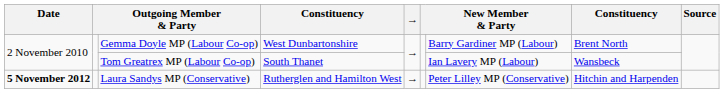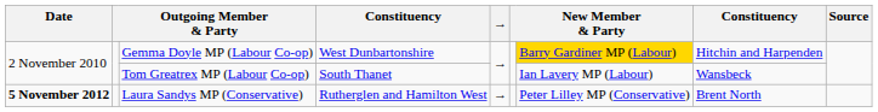 <table class="wikitable">
 <tr>
 <th valign="top">Date</th>
 <th colspan="2" valign="top">Outgoing Member<br>& Party</th>
 <th valign="top">Constituency</th>
 <th>→</th>
 <th colspan="2" valign="top">New Member<br>& Party</th>
 <th valign="top">Constituency</th>
 <th valign="top">Source</th>
 </tr>
 <tr>
 <td rowspan=2 nowrap>2 November 2010</td>
 <td rowspan=2 style="color:inherit;background:"></td>
 <td><a href='#'>Gemma Doyle</a> MP (<a href='#'>Labour</a> <a href='#'>Co-op</a>)</td>
 <td><a href='#'>West Dunbartonshire</a></td>
 <td rowspan=2>→</td>
 <td rowspan=2 style="color:inherit;background:"></td>
-<td><a href='#'>Barry Gardiner</a> MP (<a href='#'>Labour</a>)</td>
-<td><a href='#'>Brent North</a></td>
+<td style="background: gold;"><a href='#'>Barry Gardiner</a> MP (<a href='#'>Labour</a>)</td>
+<td><a href='#'>Hitchin and Harpenden</a></td>
 <td rowspan=2></td>
 </tr>
 <tr>
 <td><a href='#'>Tom Greatrex</a> MP (<a href='#'>Labour</a> <a href='#'>Co-op</a>)</td>
 <td><a href='#'>South Thanet</a></td>
 <td><a href='#'>Ian Lavery</a> MP (<a href='#'>Labour</a>)</td>
 <td><a href='#'>Wansbeck</a></td>
 </tr>
 <tr>
 <td><strong>5 November 2012</strong></td>
 <td style="color:inherit;background:"></td>
 <td><a href='#'>Laura Sandys</a> MP (<a href='#'>Conservative</a>)</td>
 <td><a href='#'>Rutherglen and Hamilton West</a></td>
 <td>→</td>
 <td style="color:inherit;background:"></td>
 <td><a href='#'>Peter Lilley</a> MP (<a href='#'>Conservative</a>)</td>
-<td><a href='#'>Hitchin and Harpenden</a></td>
+<td><a href='#'>Brent North</a></td>
 <td></td>
 </tr>
 </table>
